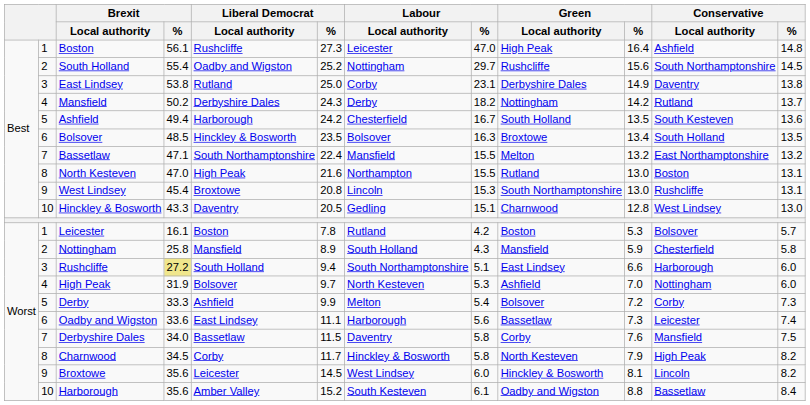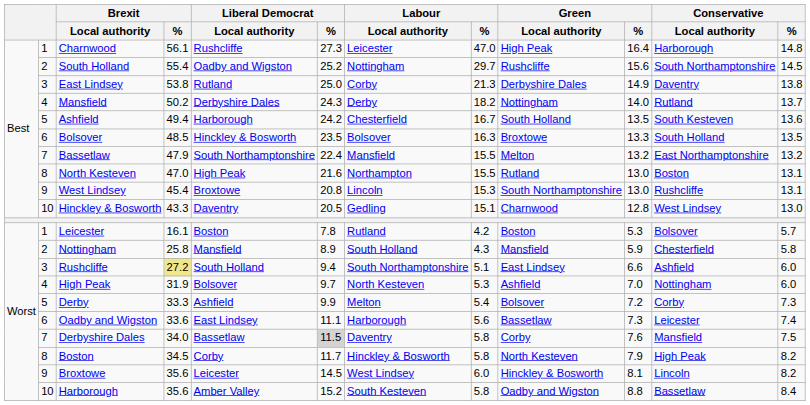 <table class="wikitable">
 <tr>
 <th colspan="2" rowspan="2"></th>
 <th colspan="2">Brexit</th>
 <th colspan="2">Liberal Democrat</th>
 <th colspan="2">Labour</th>
 <th colspan="2">Green</th>
 <th colspan="2">Conservative</th>
 </tr>
 <tr>
 <th style="text-align:center;">Local authority</th>
 <th style="text-align:center;">%</th>
 <th>Local authority</th>
 <th>%</th>
 <th>Local authority</th>
 <th>%</th>
 <th>Local authority</th>
 <th>%</th>
 <th>Local authority</th>
 <th>%</th>
 </tr>
 <tr>
 <td rowspan="10">Best</td>
 <td>1</td>
-<td><a href='#'>Boston</a></td>
+<td><a href='#'>Charnwood</a></td>
 <td>56.1</td>
 <td><a href='#'>Rushcliffe</a></td>
 <td>27.3</td>
 <td><a href='#'>Leicester</a></td>
 <td>47.0</td>
 <td><a href='#'>High Peak</a></td>
 <td>16.4</td>
-<td><a href='#'>Ashfield</a></td>
+<td><a href='#'>Harborough</a></td>
 <td>14.8</td>
 </tr>
 <tr>
 <td>2</td>
 <td><a href='#'>South Holland</a></td>
 <td>55.4</td>
 <td><a href='#'>Oadby and Wigston</a></td>
 <td>25.2</td>
 <td><a href='#'>Nottingham</a></td>
 <td>29.7</td>
 <td><a href='#'>Rushcliffe</a></td>
 <td>15.6</td>
 <td><a href='#'>South Northamptonshire</a></td>
 <td>14.5</td>
 </tr>
 <tr>
 <td>3</td>
 <td><a href='#'>East Lindsey</a></td>
 <td>53.8</td>
 <td><a href='#'>Rutland</a></td>
 <td>25.0</td>
 <td><a href='#'>Corby</a></td>
-<td>23.1</td>
+<td>21.3</td>
 <td><a href='#'>Derbyshire Dales</a></td>
 <td>14.9</td>
 <td><a href='#'>Daventry</a></td>
 <td>13.8</td>
 </tr>
 <tr>
 <td>4</td>
 <td><a href='#'>Mansfield</a></td>
 <td>50.2</td>
 <td><a href='#'>Derbyshire Dales</a></td>
 <td>24.3</td>
 <td><a href='#'>Derby</a></td>
 <td>18.2</td>
 <td><a href='#'>Nottingham</a></td>
-<td>14.2</td>
+<td>14.0</td>
 <td><a href='#'>Rutland</a></td>
 <td>13.7</td>
 </tr>
 <tr>
 <td>5</td>
 <td><a href='#'>Ashfield</a></td>
 <td>49.4</td>
 <td><a href='#'>Harborough</a></td>
 <td>24.2</td>
 <td><a href='#'>Chesterfield</a></td>
 <td>16.7</td>
 <td><a href='#'>South Holland</a></td>
 <td>13.5</td>
 <td><a href='#'>South Kesteven</a></td>
 <td>13.6</td>
 </tr>
 <tr>
 <td>6</td>
 <td><a href='#'>Bolsover</a></td>
 <td>48.5</td>
 <td><a href='#'>Hinckley & Bosworth</a></td>
 <td>23.5</td>
 <td><a href='#'>Bolsover</a></td>
 <td>16.3</td>
 <td><a href='#'>Broxtowe</a></td>
-<td>13.4</td>
+<td>13.3</td>
 <td><a href='#'>South Holland</a></td>
 <td>13.5</td>
 </tr>
 <tr>
 <td>7</td>
 <td><a href='#'>Bassetlaw</a></td>
-<td>47.1</td>
+<td>47.9</td>
 <td><a href='#'>South Northamptonshire</a></td>
 <td>22.4</td>
 <td><a href='#'>Mansfield</a></td>
 <td>15.5</td>
 <td><a href='#'>Melton</a></td>
 <td>13.2</td>
 <td><a href='#'>East Northamptonshire</a></td>
 <td>13.2</td>
 </tr>
 <tr>
 <td>8</td>
 <td><a href='#'>North Kesteven</a></td>
 <td>47.0</td>
 <td><a href='#'>High Peak</a></td>
 <td>21.6</td>
 <td><a href='#'>Northampton</a></td>
 <td>15.5</td>
 <td><a href='#'>Rutland</a></td>
 <td>13.0</td>
 <td><a href='#'>Boston</a></td>
 <td>13.1</td>
 </tr>
 <tr>
 <td>9</td>
 <td><a href='#'>West Lindsey</a></td>
 <td>45.4</td>
 <td><a href='#'>Broxtowe</a></td>
 <td>20.8</td>
 <td><a href='#'>Lincoln</a></td>
 <td>15.3</td>
 <td><a href='#'>South Northamptonshire</a></td>
 <td>13.0</td>
 <td><a href='#'>Rushcliffe</a></td>
 <td>13.1</td>
 </tr>
 <tr>
 <td>10</td>
 <td><a href='#'>Hinckley & Bosworth</a></td>
 <td>43.3</td>
 <td><a href='#'>Daventry</a></td>
 <td>20.5</td>
 <td><a href='#'>Gedling</a></td>
 <td>15.1</td>
 <td><a href='#'>Charnwood</a></td>
 <td>12.8</td>
 <td><a href='#'>West Lindsey</a></td>
 <td>13.0</td>
 </tr>
 <tr>
 <th colspan="14"></th>
 </tr>
 <tr>
 <td rowspan="10">Worst</td>
 <td>1</td>
 <td><a href='#'>Leicester</a></td>
 <td>16.1</td>
 <td><a href='#'>Boston</a></td>
 <td>7.8</td>
 <td><a href='#'>Rutland</a></td>
 <td>4.2</td>
 <td><a href='#'>Boston</a></td>
 <td>5.3</td>
 <td><a href='#'>Bolsover</a></td>
 <td>5.7</td>
 </tr>
 <tr>
 <td>2</td>
 <td><a href='#'>Nottingham</a></td>
 <td>25.8</td>
 <td><a href='#'>Mansfield</a></td>
 <td>8.9</td>
 <td><a href='#'>South Holland</a></td>
 <td>4.3</td>
 <td><a href='#'>Mansfield</a></td>
 <td>5.9</td>
 <td><a href='#'>Chesterfield</a></td>
 <td>5.8</td>
 </tr>
 <tr>
 <td>3</td>
 <td><a href='#'>Rushcliffe</a></td>
 <td style="background: khaki;">27.2</td>
 <td><a href='#'>South Holland</a></td>
 <td>9.4</td>
 <td><a href='#'>South Northamptonshire</a></td>
 <td>5.1</td>
 <td><a href='#'>East Lindsey</a></td>
 <td>6.6</td>
-<td><a href='#'>Harborough</a></td>
+<td><a href='#'>Ashfield</a></td>
 <td>6.0</td>
 </tr>
 <tr>
 <td>4</td>
 <td><a href='#'>High Peak</a></td>
 <td>31.9</td>
 <td><a href='#'>Bolsover</a></td>
 <td>9.7</td>
 <td><a href='#'>North Kesteven</a></td>
 <td>5.3</td>
 <td><a href='#'>Ashfield</a></td>
 <td>7.0</td>
 <td><a href='#'>Nottingham</a></td>
 <td>6.0</td>
 </tr>
 <tr>
 <td>5</td>
 <td><a href='#'>Derby</a></td>
 <td>33.3</td>
 <td><a href='#'>Ashfield</a></td>
 <td>9.9</td>
 <td><a href='#'>Melton</a></td>
 <td>5.4</td>
 <td><a href='#'>Bolsover</a></td>
 <td>7.2</td>
 <td><a href='#'>Corby</a></td>
 <td>7.3</td>
 </tr>
 <tr>
 <td>6</td>
 <td><a href='#'>Oadby and Wigston</a></td>
 <td>33.6</td>
 <td><a href='#'>East Lindsey</a></td>
 <td>11.1</td>
 <td><a href='#'>Harborough</a></td>
 <td>5.6</td>
 <td><a href='#'>Bassetlaw</a></td>
 <td>7.3</td>
 <td><a href='#'>Leicester</a></td>
 <td>7.4</td>
 </tr>
 <tr>
 <td>7</td>
 <td><a href='#'>Derbyshire Dales</a></td>
 <td>34.0</td>
 <td><a href='#'>Bassetlaw</a></td>
-<td>11.5</td>
+<td style="background: lightgrey;">11.5</td>
 <td><a href='#'>Daventry</a></td>
 <td>5.8</td>
 <td><a href='#'>Corby</a></td>
 <td>7.6</td>
 <td><a href='#'>Mansfield</a></td>
 <td>7.5</td>
 </tr>
 <tr>
 <td>8</td>
-<td><a href='#'>Charnwood</a></td>
+<td><a href='#'>Boston</a></td>
 <td>34.5</td>
 <td><a href='#'>Corby</a></td>
 <td>11.7</td>
 <td><a href='#'>Hinckley & Bosworth</a></td>
 <td>5.8</td>
 <td><a href='#'>North Kesteven</a></td>
 <td>7.9</td>
 <td><a href='#'>High Peak</a></td>
 <td>8.2</td>
 </tr>
 <tr>
 <td>9</td>
 <td><a href='#'>Broxtowe</a></td>
 <td>35.6</td>
 <td><a href='#'>Leicester</a></td>
 <td>14.5</td>
 <td><a href='#'>West Lindsey</a></td>
 <td>6.0</td>
 <td><a href='#'>Hinckley & Bosworth</a></td>
 <td>8.1</td>
 <td><a href='#'>Lincoln</a></td>
 <td>8.2</td>
 </tr>
 <tr>
 <td>10</td>
 <td><a href='#'>Harborough</a></td>
 <td>35.6</td>
 <td><a href='#'>Amber Valley</a></td>
 <td>15.2</td>
 <td><a href='#'>South Kesteven</a></td>
-<td>6.1</td>
+<td>5.8</td>
 <td><a href='#'>Oadby and Wigston</a></td>
 <td>8.8</td>
 <td><a href='#'>Bassetlaw</a></td>
 <td>8.4</td>
 </tr>
 </table>
